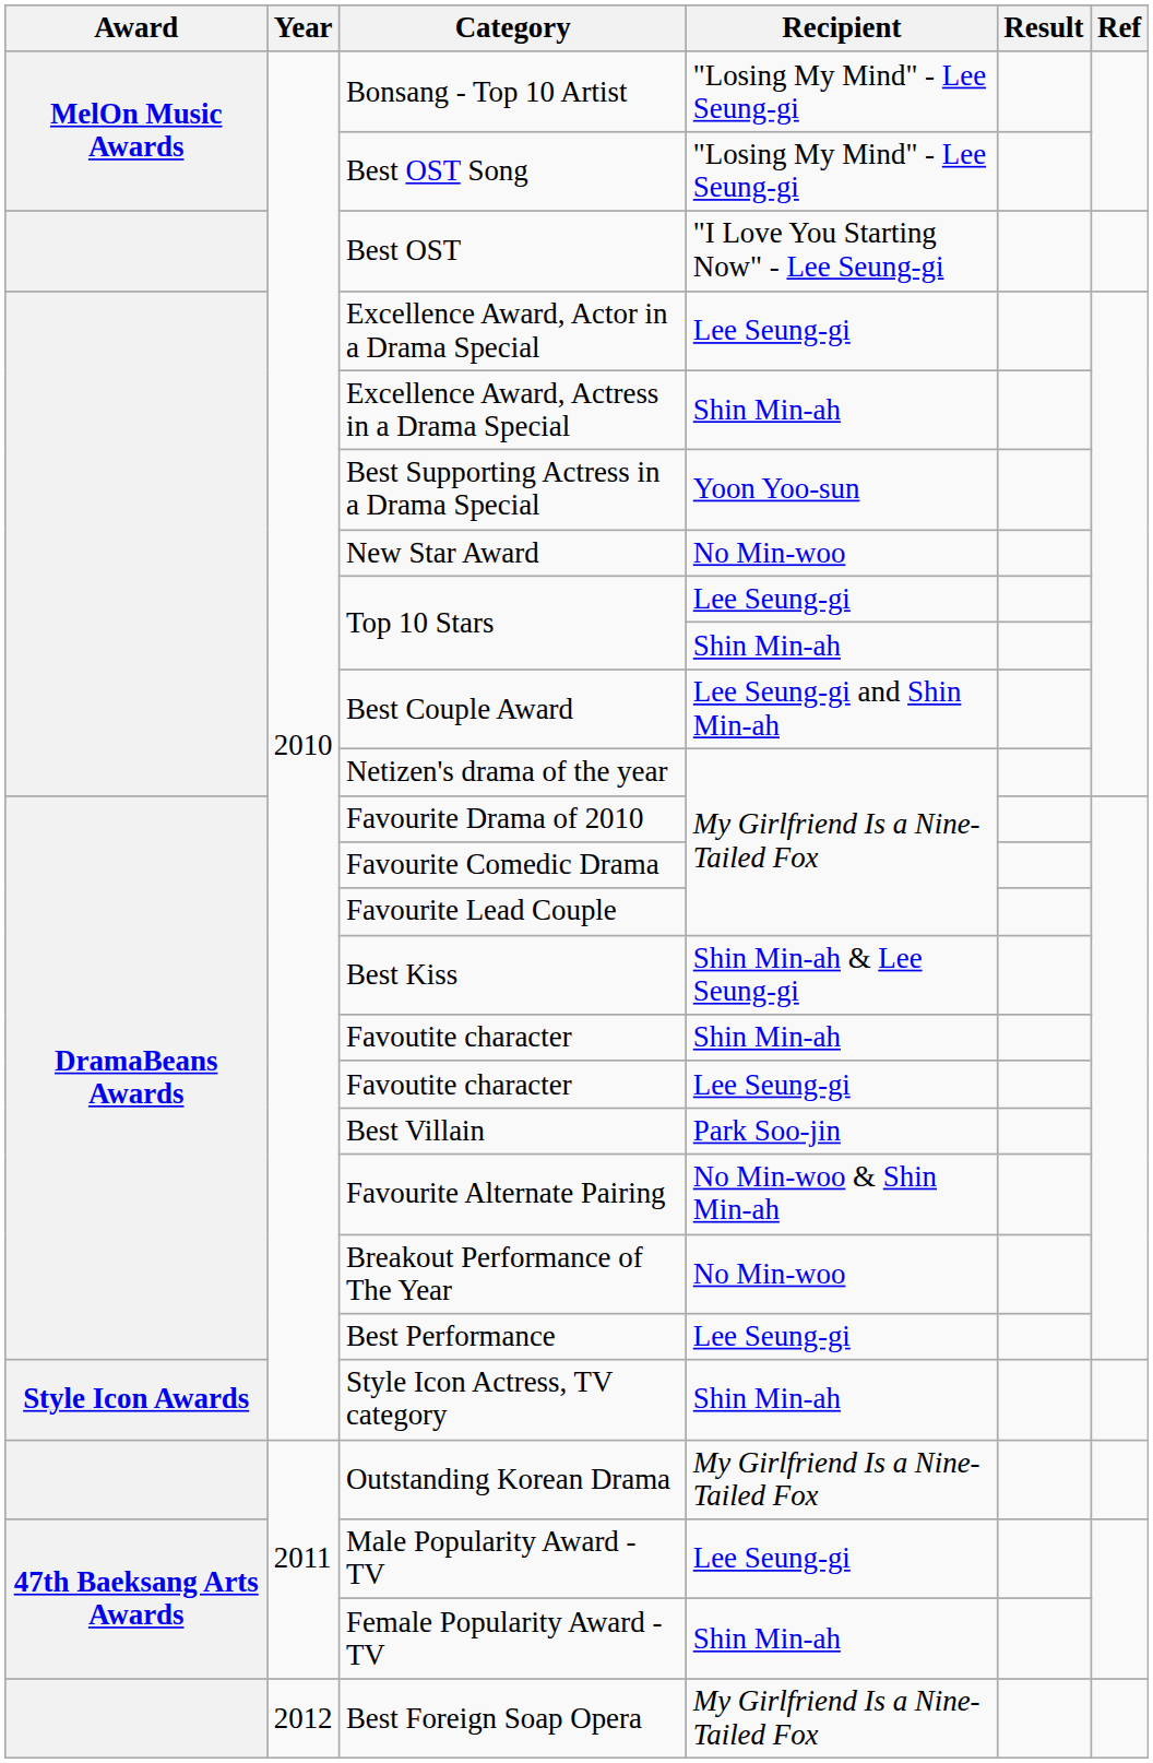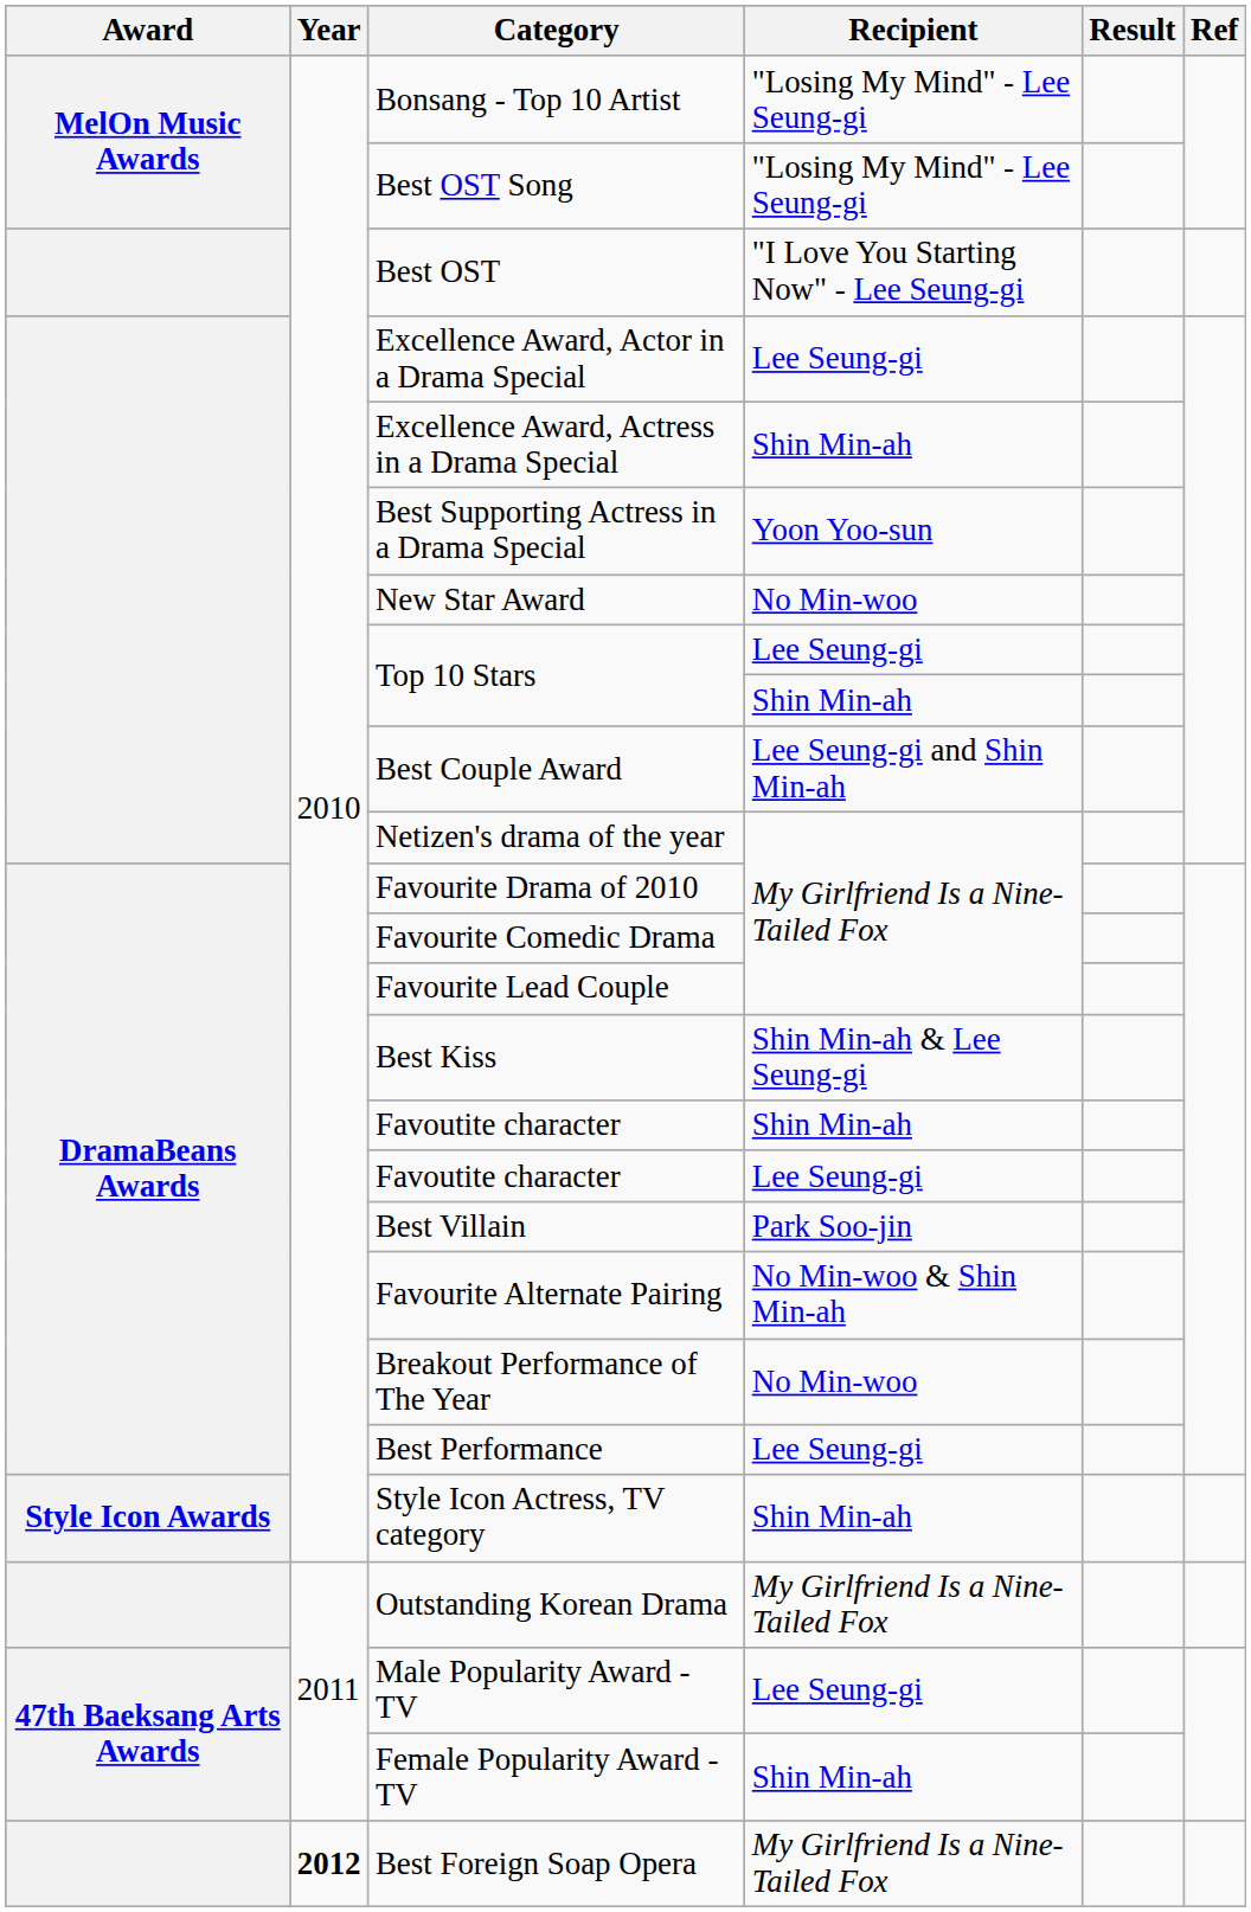 <table class="wikitable plainrowheaders sortable" style="margin-right: 0;">
 <tr>
 <th>Award</th>
 <th>Year</th>
 <th>Category</th>
 <th>Recipient</th>
 <th>Result</th>
 <th>Ref</th>
 </tr>
 <tr>
 <th scope="row"  rowspan="2" style="text-align:center;"><a href='#'>MelOn Music Awards</a></th>
 <td rowspan="22">2010</td>
 <td>Bonsang - Top 10 Artist</td>
 <td>"Losing My Mind" - <a href='#'>Lee Seung-gi</a></td>
 <td></td>
 <td rowspan="2"></td>
 </tr>
 <tr>
 <td>Best <a href='#'>OST</a> Song</td>
 <td>"Losing My Mind" - <a href='#'>Lee Seung-gi</a></td>
 <td></td>
 </tr>
 <tr>
 <th scope="row"></th>
 <td>Best OST</td>
 <td>"I Love You Starting Now" - <a href='#'>Lee Seung-gi</a></td>
 <td></td>
 <td></td>
 </tr>
 <tr>
 <th scope="row"  rowspan="8"></th>
 <td>Excellence Award, Actor in a Drama Special</td>
 <td><a href='#'>Lee Seung-gi</a></td>
 <td></td>
 <td rowspan="8"></td>
 </tr>
 <tr>
 <td>Excellence Award, Actress in a Drama Special</td>
 <td><a href='#'>Shin Min-ah</a></td>
 <td></td>
 </tr>
 <tr>
 <td>Best Supporting Actress in a Drama Special</td>
 <td><a href='#'>Yoon Yoo-sun</a></td>
 <td></td>
 </tr>
 <tr>
 <td>New Star Award</td>
 <td><a href='#'>No Min-woo</a></td>
 <td></td>
 </tr>
 <tr>
 <td rowspan="2">Top 10 Stars</td>
 <td><a href='#'>Lee Seung-gi</a></td>
 <td></td>
 </tr>
 <tr>
 <td><a href='#'>Shin Min-ah</a></td>
 <td></td>
 </tr>
 <tr>
 <td>Best Couple Award</td>
 <td><a href='#'>Lee Seung-gi</a> and <a href='#'>Shin Min-ah</a></td>
 <td></td>
 </tr>
 <tr>
 <td>Netizen's drama of the year</td>
 <td rowspan="4"><em>My Girlfriend Is a Nine-Tailed Fox</em></td>
 <td></td>
 </tr>
 <tr>
 <th scope="row"  rowspan="10"><a href='#'>DramaBeans Awards</a></th>
 <td>Favourite Drama of 2010</td>
 <td></td>
 <td rowspan="10"></td>
 </tr>
 <tr>
 <td>Favourite Comedic Drama</td>
 <td></td>
 </tr>
 <tr>
 <td>Favourite Lead Couple</td>
 <td></td>
 </tr>
 <tr>
 <td>Best Kiss</td>
 <td><a href='#'>Shin Min-ah</a> & <a href='#'>Lee Seung-gi</a></td>
 <td></td>
 </tr>
 <tr>
 <td>Favoutite character</td>
 <td><a href='#'>Shin Min-ah</a></td>
 <td></td>
 </tr>
 <tr>
 <td>Favoutite character</td>
 <td><a href='#'>Lee Seung-gi</a></td>
 <td></td>
 </tr>
 <tr>
 <td>Best Villain</td>
 <td><a href='#'>Park Soo-jin</a></td>
 <td></td>
 </tr>
 <tr>
 <td>Favourite Alternate Pairing</td>
 <td><a href='#'>No Min-woo</a> & <a href='#'>Shin Min-ah</a></td>
 <td></td>
 </tr>
 <tr>
 <td>Breakout Performance of The Year</td>
 <td><a href='#'>No Min-woo</a></td>
 <td></td>
 </tr>
 <tr>
 <td>Best Performance</td>
 <td><a href='#'>Lee Seung-gi</a></td>
 <td></td>
 </tr>
 <tr>
 <th scope="row"><a href='#'>Style Icon Awards</a></th>
 <td>Style Icon Actress, TV category</td>
 <td><a href='#'>Shin Min-ah</a></td>
 <td></td>
 <td></td>
 </tr>
 <tr>
 <th scope="row"></th>
 <td rowspan="3">2011</td>
 <td>Outstanding Korean Drama</td>
 <td><em>My Girlfriend Is a Nine-Tailed Fox</em></td>
 <td></td>
 <td></td>
 </tr>
 <tr>
 <th scope="row"  rowspan="2"><a href='#'>47th Baeksang Arts Awards</a></th>
 <td>Male Popularity Award - TV</td>
 <td><a href='#'>Lee Seung-gi</a></td>
 <td></td>
 <td rowspan="2"></td>
 </tr>
 <tr>
 <td>Female Popularity Award - TV</td>
 <td><a href='#'>Shin Min-ah</a></td>
 <td></td>
 </tr>
 <tr>
 <th scope="row"></th>
-<td>2012</td>
+<td><strong>2012</strong></td>
 <td>Best Foreign Soap Opera</td>
 <td><em>My Girlfriend Is a Nine-Tailed Fox</em></td>
 <td></td>
 <td></td>
 </tr>
 </table>
